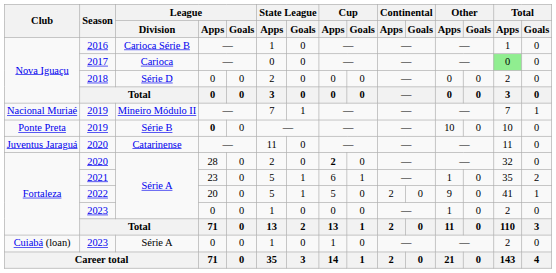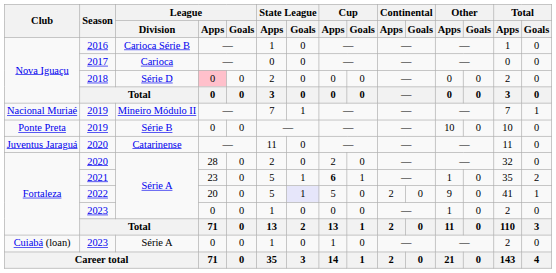 <table class="wikitable" style="text-align: center">
 <tr>
 <th rowspan="2">Club</th>
 <th rowspan="2">Season</th>
 <th colspan="3">League</th>
 <th colspan="2">State League</th>
 <th colspan="2">Cup</th>
 <th colspan="2">Continental</th>
 <th colspan="2">Other</th>
 <th colspan="2">Total</th>
 </tr>
 <tr>
 <th>Division</th>
 <th>Apps</th>
 <th>Goals</th>
 <th>Apps</th>
 <th>Goals</th>
 <th>Apps</th>
 <th>Goals</th>
 <th>Apps</th>
 <th>Goals</th>
 <th>Apps</th>
 <th>Goals</th>
 <th>Apps</th>
 <th>Goals</th>
 </tr>
 <tr>
 <td rowspan="4"><a href='#'>Nova Iguaçu</a></td>
 <td><a href='#'>2016</a></td>
 <td><a href='#'>Carioca Série B</a></td>
 <td colspan="2">—</td>
 <td>1</td>
 <td>0</td>
 <td colspan="2">—</td>
 <td colspan="2">—</td>
 <td colspan="2">—</td>
 <td>1</td>
 <td>0</td>
 </tr>
 <tr>
 <td><a href='#'>2017</a></td>
 <td><a href='#'>Carioca</a></td>
 <td colspan="2">—</td>
 <td>0</td>
 <td>0</td>
 <td colspan="2">—</td>
 <td colspan="2">—</td>
 <td colspan="2">—</td>
-<td style="background: lightgreen;">0</td>
+<td>0</td>
 <td>0</td>
 </tr>
 <tr>
 <td><a href='#'>2018</a></td>
 <td><a href='#'>Série D</a></td>
-<td>0</td>
+<td style="background: pink;">0</td>
 <td>0</td>
 <td>2</td>
 <td>0</td>
 <td>0</td>
 <td>0</td>
 <td colspan="2">—</td>
 <td>0</td>
 <td>0</td>
 <td>2</td>
 <td>0</td>
 </tr>
 <tr>
 <th colspan="2">Total</th>
 <th>0</th>
 <th>0</th>
 <th>3</th>
 <th>0</th>
 <th>0</th>
 <th>0</th>
 <th colspan="2">—</th>
 <th>0</th>
 <th>0</th>
 <th>3</th>
 <th>0</th>
 </tr>
 <tr>
 <td><a href='#'>Nacional Muriaé</a></td>
 <td><a href='#'>2019</a></td>
 <td><a href='#'>Mineiro Módulo II</a></td>
 <td colspan="2">—</td>
 <td>7</td>
 <td>1</td>
 <td colspan="2">—</td>
 <td colspan="2">—</td>
 <td colspan="2">—</td>
 <td>7</td>
 <td>1</td>
 </tr>
 <tr>
 <td><a href='#'>Ponte Preta</a></td>
 <td><a href='#'>2019</a></td>
 <td><a href='#'>Série B</a></td>
-<td><strong>0</strong></td>
+<td>0</td>
 <td>0</td>
 <td colspan="2">—</td>
 <td colspan="2">—</td>
 <td colspan="2">—</td>
 <td>10</td>
 <td>0</td>
 <td>10</td>
 <td>0</td>
 </tr>
 <tr>
 <td><a href='#'>Juventus Jaraguá</a></td>
 <td><a href='#'>2020</a></td>
 <td><a href='#'>Catarinense</a></td>
 <td colspan="2">—</td>
 <td>11</td>
 <td>0</td>
 <td colspan="2">—</td>
 <td colspan="2">—</td>
 <td colspan="2">—</td>
 <td>11</td>
 <td>0</td>
 </tr>
 <tr>
 <td rowspan="5"><a href='#'>Fortaleza</a></td>
 <td><a href='#'>2020</a></td>
 <td rowspan="4"><a href='#'>Série A</a></td>
 <td>28</td>
 <td>0</td>
 <td>2</td>
 <td>0</td>
-<td><strong>2</strong></td>
+<td>2</td>
 <td>0</td>
 <td colspan="2">—</td>
 <td colspan="2">—</td>
 <td>32</td>
 <td>0</td>
 </tr>
 <tr>
 <td><a href='#'>2021</a></td>
 <td>23</td>
 <td>0</td>
 <td>5</td>
 <td>1</td>
-<td>6</td>
+<td><strong>6</strong></td>
 <td>1</td>
 <td colspan="2">—</td>
 <td>1</td>
 <td>0</td>
 <td>35</td>
 <td>2</td>
 </tr>
 <tr>
 <td><a href='#'>2022</a></td>
 <td>20</td>
 <td>0</td>
 <td>5</td>
-<td>1</td>
+<td style="background: lavender;">1</td>
 <td>5</td>
 <td>0</td>
 <td>2</td>
 <td>0</td>
 <td>9</td>
 <td>0</td>
 <td>41</td>
 <td>1</td>
 </tr>
 <tr>
 <td><a href='#'>2023</a></td>
 <td>0</td>
 <td>0</td>
 <td>1</td>
 <td>0</td>
 <td>0</td>
 <td>0</td>
 <td colspan="2">—</td>
 <td>1</td>
 <td>0</td>
 <td>2</td>
 <td>0</td>
 </tr>
 <tr>
 <th colspan="2">Total</th>
 <th>71</th>
 <th>0</th>
 <th>13</th>
 <th>2</th>
 <th>13</th>
 <th>1</th>
 <th>2</th>
 <th>0</th>
 <th>11</th>
 <th>0</th>
 <th>110</th>
 <th>3</th>
 </tr>
 <tr>
 <td><a href='#'>Cuiabá</a> (loan)</td>
 <td><a href='#'>2023</a></td>
 <td>Série A</td>
 <td>0</td>
 <td>0</td>
 <td>1</td>
 <td>0</td>
 <td>1</td>
 <td>0</td>
 <td colspan="2">—</td>
 <td colspan="2">—</td>
 <td>2</td>
 <td>0</td>
 </tr>
 <tr>
 <th colspan="3"><strong>Career total</strong></th>
 <th>71</th>
 <th>0</th>
 <th>35</th>
 <th>3</th>
 <th>14</th>
 <th>1</th>
 <th>2</th>
 <th>0</th>
 <th>21</th>
 <th>0</th>
 <th>143</th>
 <th>4</th>
 </tr>
 </table>
